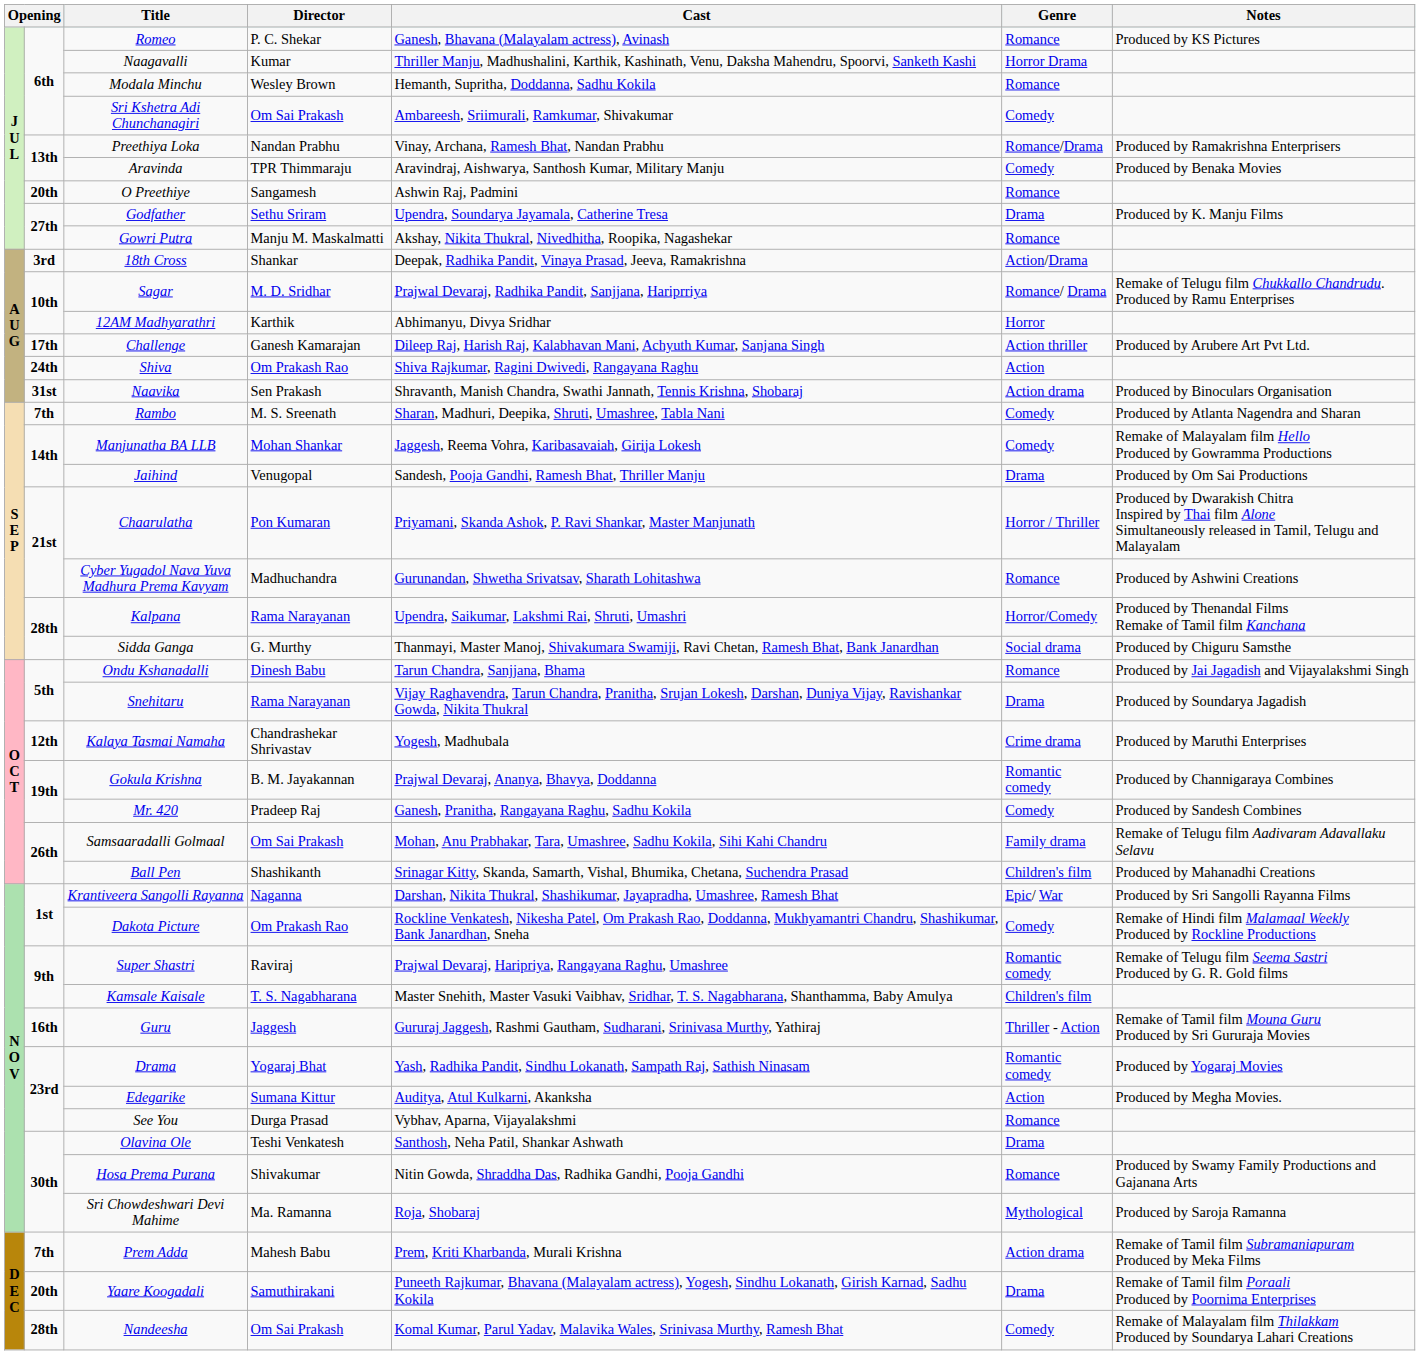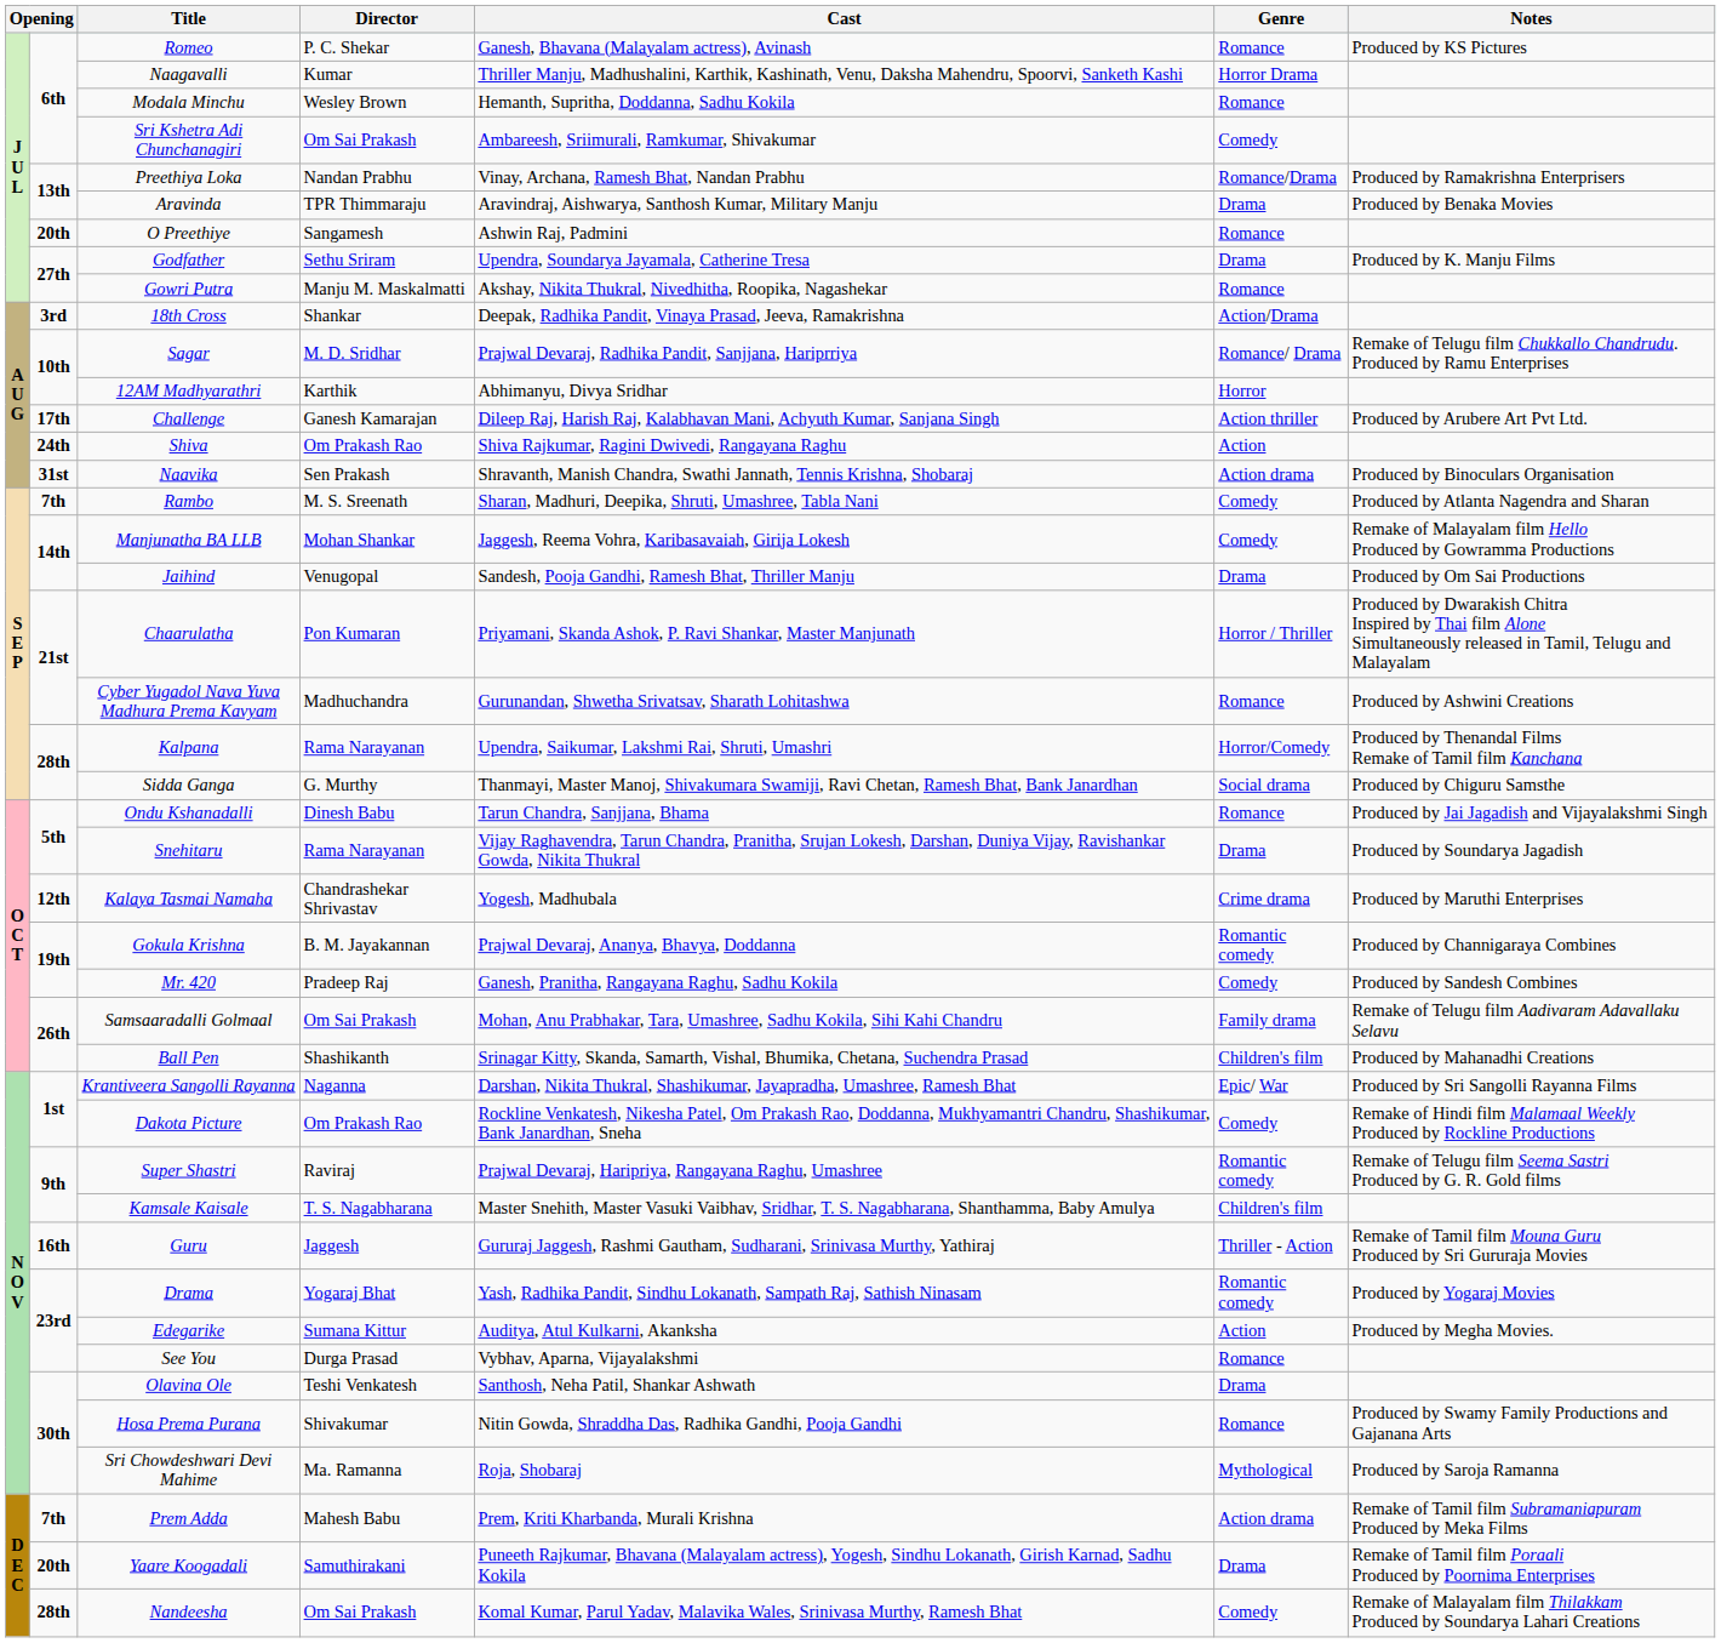 <table class="wikitable">
 <tr style="background:#b0e0e6; text-align:center;">
 <th colspan="2"><strong>Opening</strong></th>
 <th style="width:13%;"><strong>Title</strong></th>
 <th><strong>Director</strong></th>
 <th><strong>Cast</strong></th>
 <th><strong>Genre</strong></th>
 <th><strong>Notes</strong></th>
 </tr>
 <tr July!>
 <td rowspan="9"   style="text-align:center; background:#d0f0c0; textcolor:#000;"><strong>J<br>U<br>L</strong></td>
 <td rowspan="4" style="text-align:center;"><strong>6th</strong></td>
 <td style="text-align:center;"><em><a href='#'>Romeo</a></em></td>
 <td>P. C. Shekar</td>
 <td><a href='#'>Ganesh</a>, <a href='#'>Bhavana (Malayalam actress)</a>, <a href='#'>Avinash</a></td>
 <td><a href='#'>Romance</a></td>
 <td>Produced by KS Pictures</td>
 </tr>
 <tr>
 <td style="text-align:center;"><em>Naagavalli</em></td>
 <td>Kumar</td>
 <td><a href='#'>Thriller Manju</a>, Madhushalini, Karthik, Kashinath, Venu, Daksha Mahendru, Spoorvi, <a href='#'>Sanketh Kashi</a></td>
 <td><a href='#'>Horror Drama</a></td>
 <td></td>
 </tr>
 <tr>
 <td style="text-align:center;"><em>Modala Minchu</em></td>
 <td>Wesley Brown</td>
 <td>Hemanth, Supritha, <a href='#'>Doddanna</a>, <a href='#'>Sadhu Kokila</a></td>
 <td><a href='#'>Romance</a></td>
 <td></td>
 </tr>
 <tr>
 <td style="text-align:center;"><em><a href='#'>Sri Kshetra Adi Chunchanagiri</a></em></td>
 <td><a href='#'>Om Sai Prakash</a></td>
 <td><a href='#'>Ambareesh</a>, <a href='#'>Sriimurali</a>, <a href='#'>Ramkumar</a>, Shivakumar</td>
 <td><a href='#'>Comedy</a></td>
 <td></td>
 </tr>
 <tr>
 <td rowspan="2" style="text-align:center;"><strong>13th</strong></td>
 <td style="text-align:center;"><em>Preethiya Loka</em></td>
 <td>Nandan Prabhu</td>
 <td>Vinay, Archana, <a href='#'>Ramesh Bhat</a>, Nandan Prabhu</td>
 <td><a href='#'>Romance</a>/<a href='#'>Drama</a></td>
 <td>Produced by Ramakrishna Enterprisers</td>
 </tr>
 <tr>
 <td style="text-align:center;"><em>Aravinda</em></td>
 <td>TPR Thimmaraju</td>
 <td>Aravindraj, Aishwarya, Santhosh Kumar, Military Manju</td>
-<td><a href='#'>Comedy</a></td>
+<td><a href='#'>Drama</a></td>
 <td>Produced by Benaka Movies</td>
 </tr>
 <tr>
 <td style="text-align:center;"><strong>20th</strong></td>
 <td style="text-align:center;"><em>O Preethiye</em></td>
 <td>Sangamesh</td>
 <td>Ashwin Raj, Padmini</td>
 <td><a href='#'>Romance</a></td>
 <td></td>
 </tr>
 <tr>
 <td rowspan="2" style="text-align:center;"><strong>27th</strong></td>
 <td style="text-align:center;"><em><a href='#'>Godfather</a></em></td>
 <td><a href='#'>Sethu Sriram</a></td>
 <td><a href='#'>Upendra</a>, <a href='#'>Soundarya Jayamala</a>, <a href='#'>Catherine Tresa</a></td>
 <td><a href='#'>Drama</a></td>
 <td>Produced by K. Manju Films</td>
 </tr>
 <tr>
 <td style="text-align:center;"><em><a href='#'>Gowri Putra</a></em></td>
 <td>Manju M. Maskalmatti</td>
 <td>Akshay, <a href='#'>Nikita Thukral</a>, <a href='#'>Nivedhitha</a>, Roopika, Nagashekar</td>
 <td><a href='#'>Romance</a></td>
 <td></td>
 </tr>
 <tr August!>
 <td rowspan="6"   style="text-align:center; background:#c2b280; textcolor:#000;"><strong>A<br>U<br>G</strong></td>
 <td style="text-align:center;"><strong>3rd</strong></td>
 <td style="text-align:center;"><em><a href='#'>18th Cross</a></em></td>
 <td>Shankar</td>
 <td>Deepak, <a href='#'>Radhika Pandit</a>, <a href='#'>Vinaya Prasad</a>, Jeeva, Ramakrishna</td>
 <td><a href='#'>Action</a>/<a href='#'>Drama</a></td>
 <td></td>
 </tr>
 <tr>
 <td rowspan="2" style="text-align:center;"><strong>10th</strong></td>
 <td style="text-align:center;"><em><a href='#'>Sagar</a></em></td>
 <td><a href='#'>M. D. Sridhar</a></td>
 <td><a href='#'>Prajwal Devaraj</a>, <a href='#'>Radhika Pandit</a>, <a href='#'>Sanjjana</a>, <a href='#'>Hariprriya</a></td>
 <td><a href='#'>Romance</a>/ <a href='#'>Drama</a></td>
 <td>Remake of Telugu film <em><a href='#'>Chukkallo Chandrudu</a></em>. <br> Produced by Ramu Enterprises </td>
 </tr>
 <tr>
 <td style="text-align:center;"><em><a href='#'>12AM Madhyarathri</a></em></td>
 <td>Karthik</td>
 <td>Abhimanyu, Divya Sridhar</td>
 <td><a href='#'>Horror</a></td>
 <td></td>
 </tr>
 <tr>
 <td style="text-align:center;"><strong>17th</strong></td>
 <td style="text-align:center;"><em><a href='#'>Challenge</a></em></td>
 <td>Ganesh Kamarajan</td>
 <td><a href='#'>Dileep Raj</a>, <a href='#'>Harish Raj</a>, <a href='#'>Kalabhavan Mani</a>, <a href='#'>Achyuth Kumar</a>, <a href='#'>Sanjana Singh</a></td>
 <td><a href='#'>Action thriller</a></td>
 <td>Produced by Arubere Art Pvt Ltd.</td>
 </tr>
 <tr>
 <td style="text-align:center;"><strong>24th</strong></td>
 <td style="text-align:center;"><em><a href='#'>Shiva</a></em></td>
 <td><a href='#'>Om Prakash Rao</a></td>
 <td><a href='#'>Shiva Rajkumar</a>, <a href='#'>Ragini Dwivedi</a>, <a href='#'>Rangayana Raghu</a></td>
 <td><a href='#'>Action</a></td>
 <td></td>
 </tr>
 <tr>
 <td style="text-align:center;"><strong>31st</strong></td>
 <td style="text-align:center;"><em><a href='#'>Naavika</a></em></td>
 <td>Sen Prakash</td>
 <td>Shravanth, Manish Chandra, Swathi Jannath, <a href='#'>Tennis Krishna</a>, <a href='#'>Shobaraj</a></td>
 <td><a href='#'>Action drama</a></td>
 <td>Produced by Binoculars Organisation </td>
 </tr>
 <tr September!>
 <td rowspan="7"   style="text-align:center; background:wheat; textcolor:#000;"><strong>S<br>E<br>P</strong></td>
 <td style="text-align:center;"><strong>7th</strong></td>
 <td style="text-align:center;"><em><a href='#'>Rambo</a></em></td>
 <td>M. S. Sreenath</td>
 <td><a href='#'>Sharan</a>, Madhuri, Deepika, <a href='#'>Shruti</a>, <a href='#'>Umashree</a>, <a href='#'>Tabla Nani</a></td>
 <td><a href='#'>Comedy</a></td>
 <td>Produced by Atlanta Nagendra and Sharan </td>
 </tr>
 <tr>
 <td rowspan="2" style="text-align:center;"><strong>14th</strong></td>
 <td style="text-align:center;"><em><a href='#'>Manjunatha BA LLB</a></em></td>
 <td><a href='#'>Mohan Shankar</a></td>
 <td><a href='#'>Jaggesh</a>, Reema Vohra, <a href='#'>Karibasavaiah</a>, <a href='#'>Girija Lokesh</a></td>
 <td><a href='#'>Comedy</a></td>
 <td>Remake of Malayalam film <em><a href='#'>Hello</a></em> <br> Produced by Gowramma Productions </td>
 </tr>
 <tr>
 <td style="text-align:center;"><em><a href='#'>Jaihind</a></em></td>
 <td>Venugopal</td>
 <td>Sandesh, <a href='#'>Pooja Gandhi</a>, <a href='#'>Ramesh Bhat</a>, <a href='#'>Thriller Manju</a></td>
 <td><a href='#'>Drama</a></td>
 <td>Produced by Om Sai Productions </td>
 </tr>
 <tr>
 <td rowspan="2" style="text-align:center;"><strong>21st</strong></td>
 <td style="text-align:center;"><em><a href='#'>Chaarulatha</a></em></td>
 <td><a href='#'>Pon Kumaran</a></td>
 <td><a href='#'>Priyamani</a>, <a href='#'>Skanda Ashok</a>, <a href='#'>P. Ravi Shankar</a>, <a href='#'>Master Manjunath</a></td>
 <td><a href='#'>Horror / Thriller</a></td>
 <td>Produced by Dwarakish Chitra <br> Inspired by <a href='#'>Thai</a> film <em><a href='#'>Alone</a></em> <br> Simultaneously released in Tamil, Telugu and Malayalam </td>
 </tr>
 <tr>
 <td style="text-align:center;"><em><a href='#'>Cyber Yugadol Nava Yuva Madhura Prema Kavyam</a></em></td>
 <td>Madhuchandra</td>
 <td><a href='#'>Gurunandan</a>, <a href='#'>Shwetha Srivatsav</a>, <a href='#'>Sharath Lohitashwa</a></td>
 <td><a href='#'>Romance</a></td>
 <td>Produced by Ashwini Creations </td>
 </tr>
 <tr>
 <td rowspan="2" style="text-align:center;"><strong>28th</strong></td>
 <td style="text-align:center;"><em><a href='#'>Kalpana</a></em></td>
 <td><a href='#'>Rama Narayanan</a></td>
 <td><a href='#'>Upendra</a>, <a href='#'>Saikumar</a>, <a href='#'>Lakshmi Rai</a>, <a href='#'>Shruti</a>, <a href='#'>Umashri</a></td>
 <td><a href='#'>Horror/Comedy</a></td>
 <td>Produced by Thenandal Films <br> Remake of Tamil film <em><a href='#'>Kanchana</a></em></td>
 </tr>
 <tr>
 <td style="text-align:center;"><em>Sidda Ganga</em></td>
 <td>G. Murthy</td>
 <td>Thanmayi, Master Manoj, <a href='#'>Shivakumara Swamiji</a>, Ravi Chetan, <a href='#'>Ramesh Bhat</a>, <a href='#'>Bank Janardhan</a></td>
 <td><a href='#'>Social drama</a></td>
 <td>Produced by Chiguru Samsthe </td>
 </tr>
 <tr October!>
 <td rowspan="7"   style="text-align:center; background:#ffb7c5; textcolor:#000;"><strong>O<br>C<br>T</strong></td>
 <td rowspan="2" style="text-align:center;"><strong>5th</strong></td>
 <td style="text-align:center;"><em><a href='#'>Ondu Kshanadalli</a></em></td>
 <td><a href='#'>Dinesh Babu</a></td>
 <td><a href='#'>Tarun Chandra</a>, <a href='#'>Sanjjana</a>, <a href='#'>Bhama</a></td>
 <td><a href='#'>Romance</a></td>
 <td>Produced by <a href='#'>Jai Jagadish</a> and Vijayalakshmi Singh </td>
 </tr>
 <tr>
 <td style="text-align:center;"><em><a href='#'>Snehitaru</a></em></td>
 <td><a href='#'>Rama Narayanan</a></td>
 <td><a href='#'>Vijay Raghavendra</a>, <a href='#'>Tarun Chandra</a>, <a href='#'>Pranitha</a>, <a href='#'>Srujan Lokesh</a>, <a href='#'>Darshan</a>, <a href='#'>Duniya Vijay</a>, <a href='#'>Ravishankar Gowda</a>, <a href='#'>Nikita Thukral</a></td>
 <td><a href='#'>Drama</a></td>
 <td>Produced by Soundarya Jagadish </td>
 </tr>
 <tr>
 <td style="text-align:center;"><strong>12th</strong></td>
 <td style="text-align:center;"><em><a href='#'>Kalaya Tasmai Namaha</a></em></td>
 <td>Chandrashekar Shrivastav</td>
 <td><a href='#'>Yogesh</a>, Madhubala</td>
 <td><a href='#'>Crime drama</a></td>
 <td>Produced by Maruthi Enterprises </td>
 </tr>
 <tr>
 <td rowspan="2" style="text-align:center;"><strong>19th</strong></td>
 <td style="text-align:center;"><em><a href='#'>Gokula Krishna</a></em></td>
 <td>B. M. Jayakannan</td>
 <td><a href='#'>Prajwal Devaraj</a>, <a href='#'>Ananya</a>, <a href='#'>Bhavya</a>, <a href='#'>Doddanna</a></td>
 <td><a href='#'>Romantic comedy</a></td>
 <td>Produced by Channigaraya Combines</td>
 </tr>
 <tr>
 <td style="text-align:center;"><em><a href='#'>Mr. 420</a></em></td>
 <td>Pradeep Raj</td>
 <td><a href='#'>Ganesh</a>, <a href='#'>Pranitha</a>, <a href='#'>Rangayana Raghu</a>, <a href='#'>Sadhu Kokila</a></td>
 <td><a href='#'>Comedy</a></td>
 <td>Produced by Sandesh Combines </td>
 </tr>
 <tr>
 <td rowspan="2" style="text-align:center;"><strong>26th</strong></td>
 <td style="text-align:center;"><em>Samsaaradalli Golmaal</em></td>
 <td><a href='#'>Om Sai Prakash</a></td>
 <td><a href='#'>Mohan</a>, <a href='#'>Anu Prabhakar</a>, <a href='#'>Tara</a>, <a href='#'>Umashree</a>, <a href='#'>Sadhu Kokila</a>, <a href='#'>Sihi Kahi Chandru</a></td>
 <td><a href='#'>Family drama</a></td>
 <td>Remake of Telugu film <em>Aadivaram Adavallaku Selavu</em> </td>
 </tr>
 <tr>
 <td style="text-align:center;"><em><a href='#'>Ball Pen</a></em></td>
 <td>Shashikanth</td>
 <td><a href='#'>Srinagar Kitty</a>, Skanda, Samarth, Vishal, Bhumika, Chetana, <a href='#'>Suchendra Prasad</a></td>
 <td><a href='#'>Children's film</a></td>
 <td>Produced by Mahanadhi Creations</td>
 </tr>
 <tr November!>
 <td rowspan="11"   style="text-align:center; background:#ace1af; textcolor:#000;"><strong>N<br>O<br>V</strong></td>
 <td rowspan="2" style="text-align:center;"><strong>1st</strong></td>
 <td style="text-align:center;"><em><a href='#'>Krantiveera Sangolli Rayanna</a></em></td>
 <td><a href='#'>Naganna</a></td>
 <td><a href='#'>Darshan</a>, <a href='#'>Nikita Thukral</a>, <a href='#'>Shashikumar</a>, <a href='#'>Jayapradha</a>, <a href='#'>Umashree</a>, <a href='#'>Ramesh Bhat</a></td>
 <td><a href='#'>Epic</a>/ <a href='#'>War</a></td>
 <td>Produced by Sri Sangolli Rayanna Films </td>
 </tr>
 <tr>
 <td style="text-align:center;"><em><a href='#'>Dakota Picture</a></em></td>
 <td><a href='#'>Om Prakash Rao</a></td>
 <td><a href='#'>Rockline Venkatesh</a>, <a href='#'>Nikesha Patel</a>, <a href='#'>Om Prakash Rao</a>, <a href='#'>Doddanna</a>, <a href='#'>Mukhyamantri Chandru</a>, <a href='#'>Shashikumar</a>, <a href='#'>Bank Janardhan</a>, Sneha</td>
 <td><a href='#'>Comedy</a></td>
 <td>Remake of Hindi film <em><a href='#'>Malamaal Weekly</a></em> <br> Produced by <a href='#'>Rockline Productions</a></td>
 </tr>
 <tr>
 <td rowspan="2" style="text-align:center;"><strong>9th</strong></td>
 <td style="text-align:center;"><em><a href='#'>Super Shastri</a></em></td>
 <td>Raviraj</td>
 <td><a href='#'>Prajwal Devaraj</a>, <a href='#'>Haripriya</a>, <a href='#'>Rangayana Raghu</a>, <a href='#'>Umashree</a></td>
 <td><a href='#'>Romantic comedy</a></td>
 <td>Remake of Telugu film <em><a href='#'>Seema Sastri</a></em> <br> Produced by G. R. Gold films </td>
 </tr>
 <tr>
 <td style="text-align:center;"><em><a href='#'>Kamsale Kaisale</a></em></td>
 <td><a href='#'>T. S. Nagabharana</a></td>
 <td>Master Snehith, Master Vasuki Vaibhav, <a href='#'>Sridhar</a>, <a href='#'>T. S. Nagabharana</a>, Shanthamma, Baby Amulya</td>
 <td><a href='#'>Children's film</a></td>
 <td></td>
 </tr>
 <tr>
 <td style="text-align:center;"><strong>16th</strong></td>
 <td style="text-align:center;"><em><a href='#'>Guru</a></em></td>
 <td><a href='#'>Jaggesh</a></td>
 <td><a href='#'>Gururaj Jaggesh</a>, Rashmi Gautham, <a href='#'>Sudharani</a>, <a href='#'>Srinivasa Murthy</a>, Yathiraj</td>
 <td><a href='#'>Thriller</a> - <a href='#'>Action</a></td>
 <td>Remake of Tamil film <em><a href='#'>Mouna Guru</a></em> <br> Produced by Sri Gururaja Movies </td>
 </tr>
 <tr>
 <td rowspan="3" style="text-align:center;"><strong>23rd</strong></td>
 <td style="text-align:center;"><em><a href='#'>Drama</a></em></td>
 <td><a href='#'>Yogaraj Bhat</a></td>
 <td><a href='#'>Yash</a>, <a href='#'>Radhika Pandit</a>, <a href='#'>Sindhu Lokanath</a>, <a href='#'>Sampath Raj</a>, <a href='#'>Sathish Ninasam</a></td>
 <td><a href='#'>Romantic comedy</a></td>
 <td>Produced by <a href='#'>Yogaraj Movies</a></td>
 </tr>
 <tr>
 <td style="text-align:center;"><em><a href='#'>Edegarike</a></em></td>
 <td><a href='#'>Sumana Kittur</a></td>
 <td><a href='#'>Auditya</a>, <a href='#'>Atul Kulkarni</a>, Akanksha</td>
 <td><a href='#'>Action</a></td>
 <td>Produced by Megha Movies.<br></td>
 </tr>
 <tr>
 <td style="text-align:center;"><em>See You</em></td>
 <td>Durga Prasad</td>
 <td>Vybhav, Aparna, Vijayalakshmi</td>
 <td><a href='#'>Romance</a></td>
 <td></td>
 </tr>
 <tr>
 <td rowspan="3" style="text-align:center;"><strong>30th</strong></td>
 <td style="text-align:center;"><em><a href='#'>Olavina Ole</a></em></td>
 <td>Teshi Venkatesh</td>
 <td><a href='#'>Santhosh</a>, Neha Patil, Shankar Ashwath</td>
 <td><a href='#'>Drama</a></td>
 <td></td>
 </tr>
 <tr>
 <td style="text-align:center;"><em><a href='#'>Hosa Prema Purana</a></em></td>
 <td>Shivakumar</td>
 <td>Nitin Gowda, <a href='#'>Shraddha Das</a>, Radhika Gandhi, <a href='#'>Pooja Gandhi</a></td>
 <td><a href='#'>Romance</a></td>
 <td>Produced by Swamy Family Productions and Gajanana Arts </td>
 </tr>
 <tr>
 <td style="text-align:center;"><em>Sri Chowdeshwari Devi Mahime</em></td>
 <td>Ma. Ramanna</td>
 <td><a href='#'>Roja</a>, <a href='#'>Shobaraj</a></td>
 <td><a href='#'>Mythological</a></td>
 <td>Produced by Saroja Ramanna </td>
 </tr>
 <tr December!>
 <td rowspan="3"   style="text-align:center; background:#b8860b; textcolor:#000;"><strong>D<br>E<br>C</strong></td>
 <td rowspan="1" style="text-align:center;"><strong>7th</strong></td>
 <td style="text-align:center;"><em><a href='#'>Prem Adda</a></em></td>
 <td>Mahesh Babu</td>
 <td><a href='#'>Prem</a>, <a href='#'>Kriti Kharbanda</a>, Murali Krishna</td>
 <td><a href='#'>Action drama</a></td>
 <td>Remake of Tamil film <em><a href='#'>Subramaniapuram</a></em> <br> Produced by Meka Films </td>
 </tr>
 <tr>
 <td style="text-align:center;"><strong>20th</strong></td>
 <td style="text-align:center;"><em><a href='#'>Yaare Koogadali</a></em></td>
 <td><a href='#'>Samuthirakani</a></td>
 <td><a href='#'>Puneeth Rajkumar</a>, <a href='#'>Bhavana (Malayalam actress)</a>, <a href='#'>Yogesh</a>, <a href='#'>Sindhu Lokanath</a>, <a href='#'>Girish Karnad</a>, <a href='#'>Sadhu Kokila</a></td>
 <td><a href='#'>Drama</a></td>
 <td>Remake of Tamil film <em><a href='#'>Poraali</a></em> <br> Produced by <a href='#'>Poornima Enterprises</a></td>
 </tr>
 <tr>
 <td style="text-align:center;"><strong>28th</strong></td>
 <td style="text-align:center;"><em><a href='#'>Nandeesha</a></em></td>
 <td><a href='#'>Om Sai Prakash</a></td>
 <td><a href='#'>Komal Kumar</a>, <a href='#'>Parul Yadav</a>, <a href='#'>Malavika Wales</a>, <a href='#'>Srinivasa Murthy</a>, <a href='#'>Ramesh Bhat</a></td>
 <td><a href='#'>Comedy</a></td>
 <td>Remake of Malayalam film <em><a href='#'>Thilakkam</a></em> <br> Produced by Soundarya Lahari Creations </td>
 </tr>
 </table>
